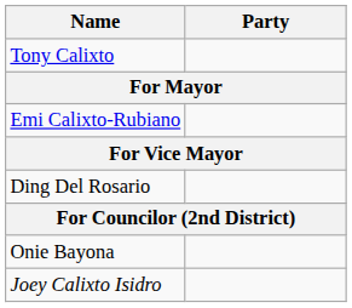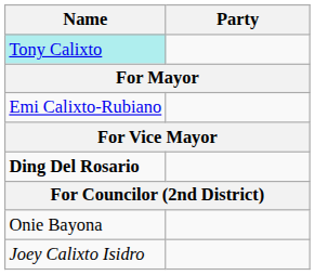 <table class="wikitable" style="font-size:90%">
 <tr>
 <th !width=150px>Name</th>
 <th colspan=2 width=110px>Party</th>
 </tr>
 <tr>
-<td><a href='#'>Tony Calixto</a></td>
+<td style="background: paleturquoise;"><a href='#'>Tony Calixto</a></td>
 <td></td>
 </tr>
 <tr>
 <th colspan="3">For Mayor</th>
 </tr>
 <tr>
 <td><a href='#'> Emi Calixto-Rubiano</a></td>
 <td></td>
 </tr>
 <tr>
 <th colspan="3">For Vice Mayor</th>
 </tr>
 <tr>
-<td>Ding Del Rosario</td>
+<td><strong>Ding Del Rosario</strong></td>
 <td></td>
 </tr>
 <tr>
 <th colspan="3">For Councilor (2nd District)</th>
 </tr>
 <tr>
 <td>Onie Bayona</td>
 <td></td>
 </tr>
 <tr>
 <td><em>Joey Calixto Isidro</em></td>
 <td></td>
 </tr>
 </table>
